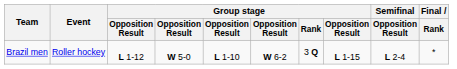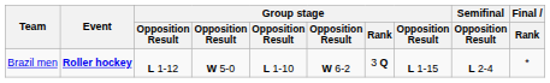 <table class=wikitable style=font-size:90%;text-align:center>
 <tr>
 <th rowspan=2>Team</th>
 <th rowspan=2>Event</th>
 <th colspan=6>Group stage</th>
 <th>Semifinal</th>
 <th colspan=2>Final / </th>
 </tr>
 <tr style=font-size:95%>
 <th>Opposition<br>Result</th>
 <th>Opposition<br>Result</th>
 <th>Opposition<br>Result</th>
 <th>Opposition<br>Result</th>
 <th>Rank</th>
 <th>Opposition<br>Result</th>
 <th>Opposition<br>Result</th>
 <th>Rank</th>
 </tr>
 <tr>
 <td align=left><a href='#'>Brazil men</a></td>
-<td align=left><a href='#'>Roller hockey</a></td>
+<td align=left><strong><a href='#'>Roller hockey</a></strong></td>
 <td><br><strong>L</strong> 1-12</td>
 <td><br><strong>W</strong> 5-0</td>
 <td><br><strong>L</strong> 1-10</td>
 <td><br><strong>W</strong> 6-2</td>
 <td>3 <strong>Q</strong></td>
 <td><br><strong>L</strong> 1-15</td>
 <td><br><strong>L</strong> 2-4</td>
 <td>*</td>
 </tr>
 </table>
